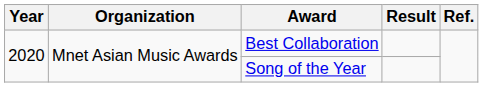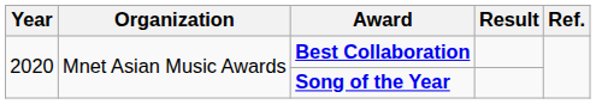 <table class="wikitable">
 <tr>
 <th>Year</th>
 <th>Organization</th>
 <th>Award</th>
 <th>Result</th>
 <th><abbr>Ref.</abbr></th>
 </tr>
 <tr>
 <td rowspan="2">2020</td>
 <td rowspan="2">Mnet Asian Music Awards</td>
-<td><a href='#'>Best Collaboration</a></td>
+<td><strong><a href='#'>Best Collaboration</a></strong></td>
 <td></td>
 <td rowspan="2" align=center></td>
 </tr>
 <tr>
-<td><a href='#'>Song of the Year</a></td>
+<td><strong><a href='#'>Song of the Year</a></strong></td>
 <td></td>
 </tr>
 </table>
